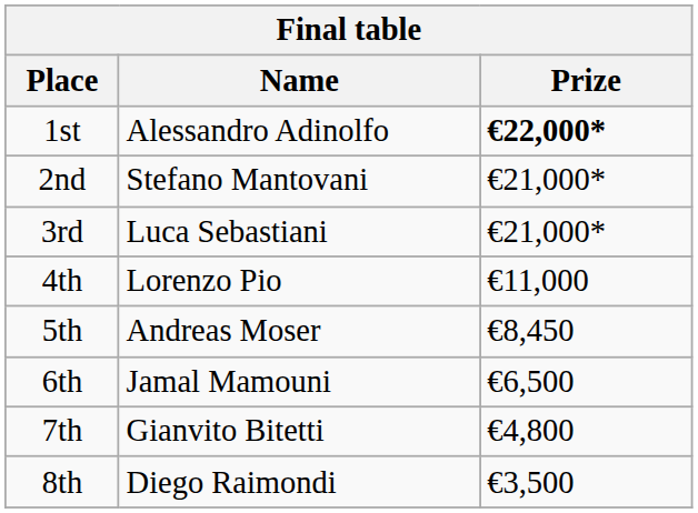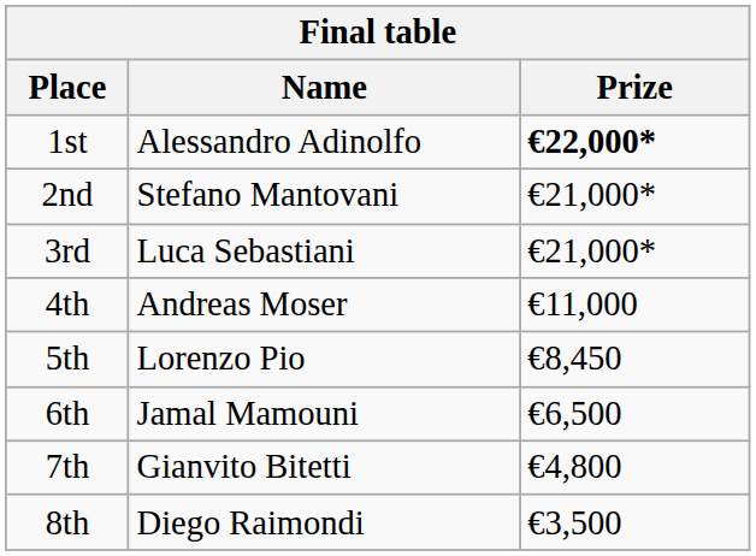 <table class="wikitable">
 <tr>
 <th colspan="3">Final table</th>
 </tr>
 <tr>
 <th style="width:50px;">Place</th>
 <th style="width:175px;">Name</th>
 <th style="width:100px;">Prize</th>
 </tr>
 <tr>
 <td style="text-align:center;">1st</td>
 <td> Alessandro Adinolfo</td>
 <td><strong>€22,000*</strong></td>
 </tr>
 <tr>
 <td style="text-align:center;">2nd</td>
 <td> Stefano Mantovani</td>
 <td>€21,000*</td>
 </tr>
 <tr>
 <td style="text-align:center;">3rd</td>
 <td> Luca Sebastiani</td>
 <td>€21,000*</td>
 </tr>
 <tr>
 <td style="text-align:center;">4th</td>
-<td> Lorenzo Pio</td>
+<td> Andreas Moser</td>
 <td>€11,000</td>
 </tr>
 <tr>
 <td style="text-align:center;">5th</td>
-<td> Andreas Moser</td>
+<td> Lorenzo Pio</td>
 <td>€8,450</td>
 </tr>
 <tr>
 <td style="text-align:center;">6th</td>
 <td> Jamal Mamouni</td>
 <td>€6,500</td>
 </tr>
 <tr>
 <td style="text-align:center;">7th</td>
 <td> Gianvito Bitetti</td>
 <td>€4,800</td>
 </tr>
 <tr>
 <td style="text-align:center;">8th</td>
 <td> Diego Raimondi</td>
 <td>€3,500</td>
 </tr>
 </table>
